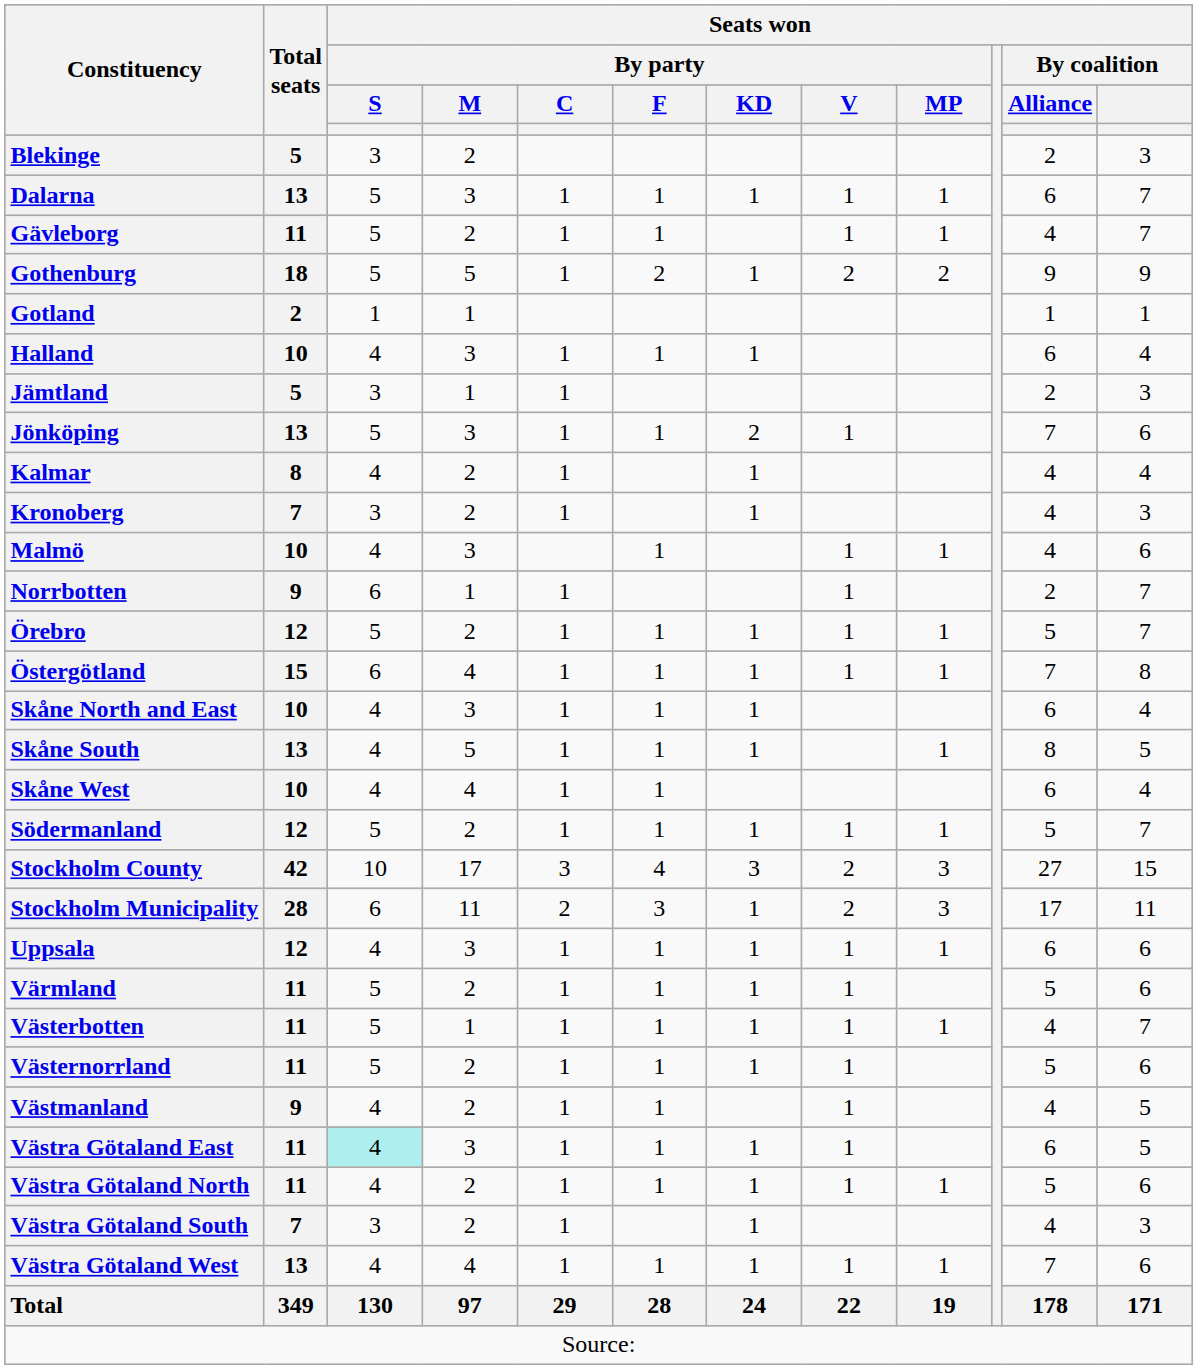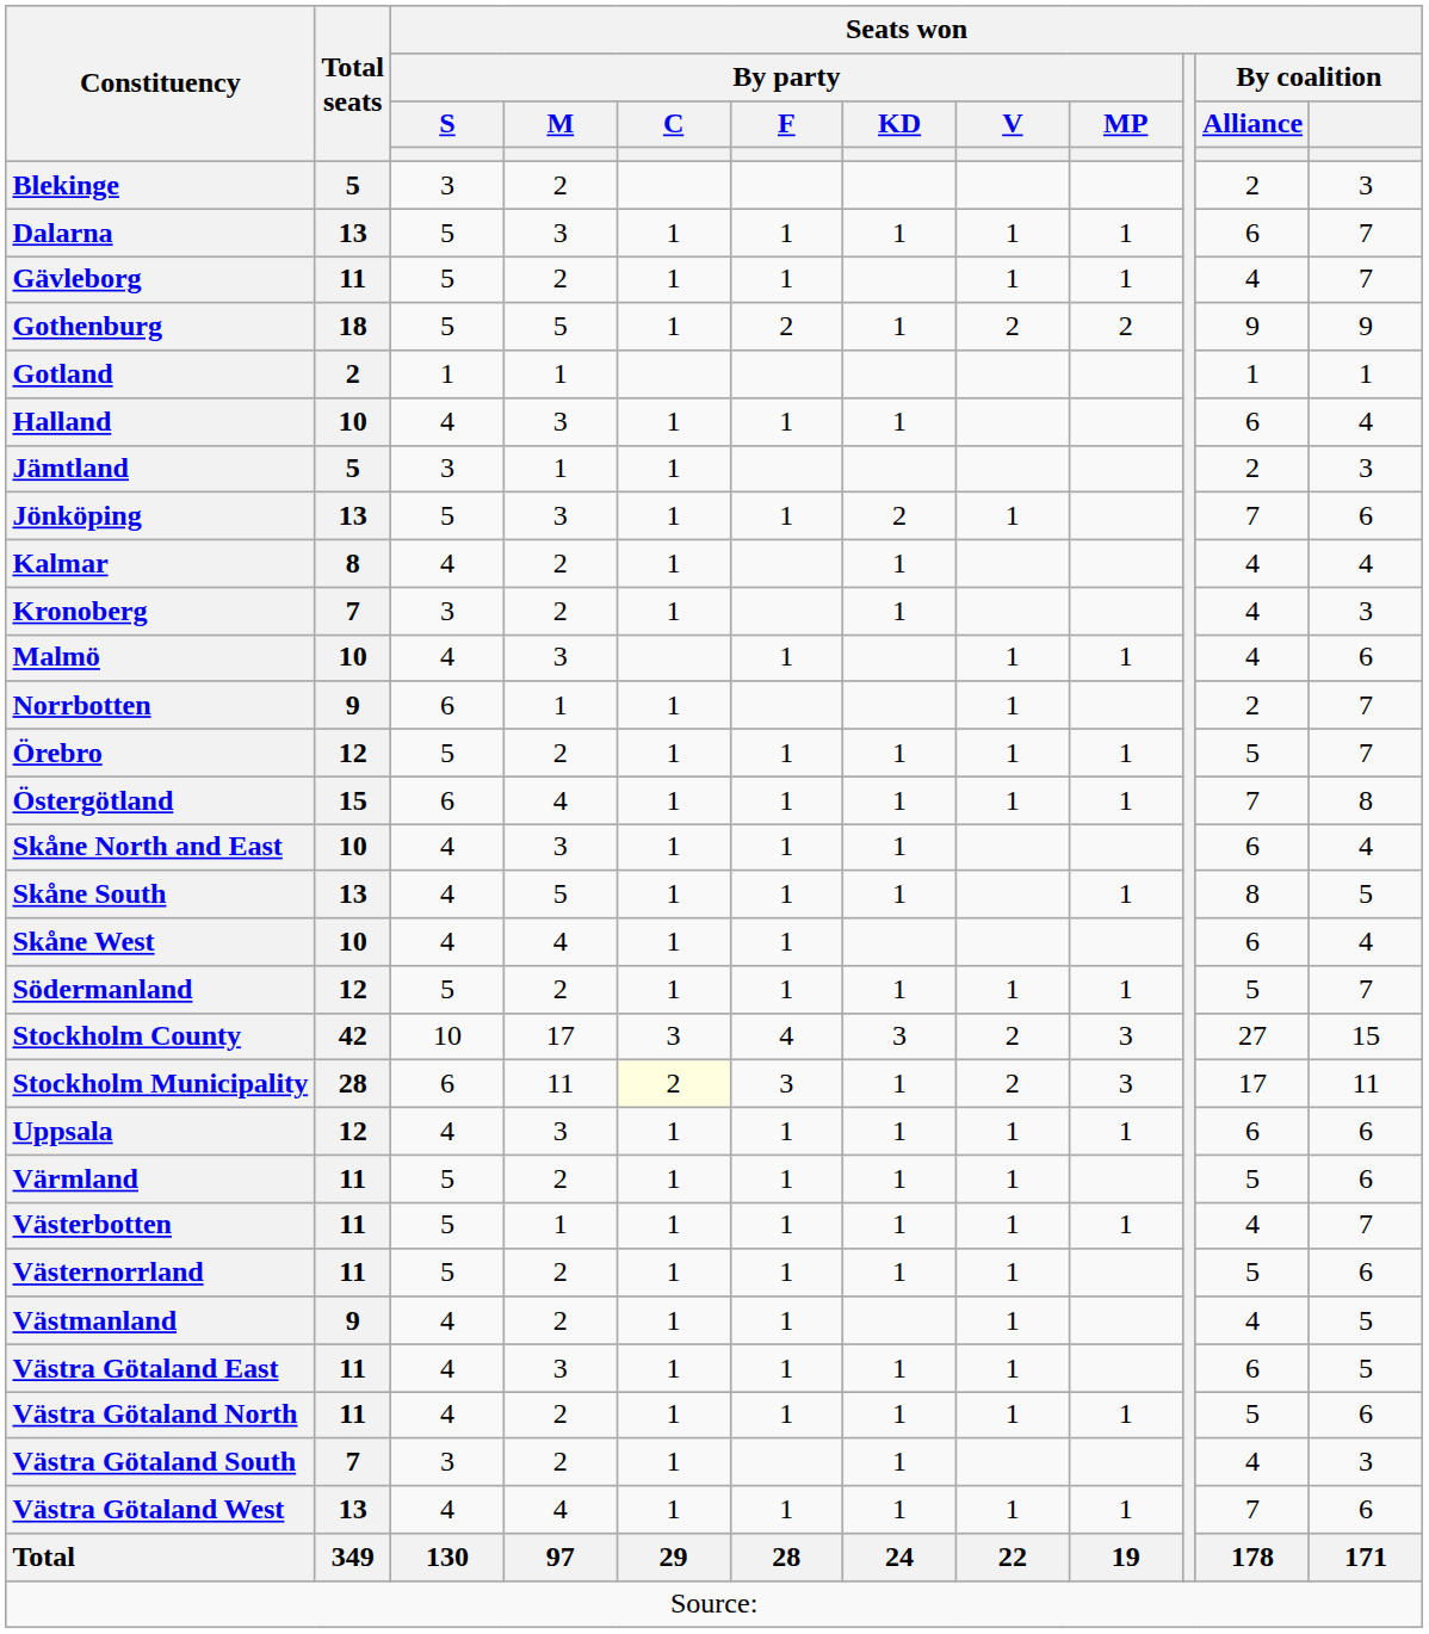 <table class="wikitable" style="text-align:center; font-size: 0.9em;">
 <tr>
 <th rowspan="4">Constituency</th>
 <th rowspan="4">Total<br>seats</th>
 <th colspan="10">Seats won</th>
 </tr>
 <tr>
 <th colspan="7">By party</th>
 <th rowspan="33"></th>
 <th colspan="2">By coalition</th>
 </tr>
 <tr>
 <th class="unsortable" style="width:50px;"><a href='#'>S</a></th>
 <th class="unsortable" style="width:50px;"><a href='#'>M</a></th>
 <th class="unsortable" style="width:50px;"><a href='#'>C</a></th>
 <th class="unsortable" style="width:50px;"><a href='#'>F</a></th>
 <th class="unsortable" style="width:50px;"><a href='#'>KD</a></th>
 <th class="unsortable" style="width:50px;"><a href='#'>V</a></th>
 <th class="unsortable" style="width:50px;"><a href='#'>MP</a></th>
 <th class="unsortable" style="width:50px;"><a href='#'>Alliance</a></th>
 <th class="unsortable" style="width:50px;"></th>
 </tr>
 <tr>
 <th style="background:"></th>
 <th style="background:"></th>
 <th style="background:"></th>
 <th style="background:"></th>
 <th style="background:"></th>
 <th style="background:"></th>
 <th style="background:"></th>
 <th style="background:"></th>
 <th style="background:"></th>
 </tr>
 <tr>
 <th style="text-align: left;"><a href='#'>Blekinge</a></th>
 <th>5</th>
 <td>3</td>
 <td>2</td>
 <td></td>
 <td></td>
 <td></td>
 <td></td>
 <td></td>
 <td>2</td>
 <td>3</td>
 </tr>
 <tr>
 <th style="text-align: left;"><a href='#'>Dalarna</a></th>
 <th>13</th>
 <td>5</td>
 <td>3</td>
 <td>1</td>
 <td>1</td>
 <td>1</td>
 <td>1</td>
 <td>1</td>
 <td>6</td>
 <td>7</td>
 </tr>
 <tr>
 <th style="text-align: left;"><a href='#'>Gävleborg</a></th>
 <th>11</th>
 <td>5</td>
 <td>2</td>
 <td>1</td>
 <td>1</td>
 <td></td>
 <td>1</td>
 <td>1</td>
 <td>4</td>
 <td>7</td>
 </tr>
 <tr>
 <th style="text-align: left;"><a href='#'>Gothenburg</a></th>
 <th>18</th>
 <td>5</td>
 <td>5</td>
 <td>1</td>
 <td>2</td>
 <td>1</td>
 <td>2</td>
 <td>2</td>
 <td>9</td>
 <td>9</td>
 </tr>
 <tr>
 <th style="text-align: left;"><a href='#'>Gotland</a></th>
 <th>2</th>
 <td>1</td>
 <td>1</td>
 <td></td>
 <td></td>
 <td></td>
 <td></td>
 <td></td>
 <td>1</td>
 <td>1</td>
 </tr>
 <tr>
 <th style="text-align: left;"><a href='#'>Halland</a></th>
 <th>10</th>
 <td>4</td>
 <td>3</td>
 <td>1</td>
 <td>1</td>
 <td>1</td>
 <td></td>
 <td></td>
 <td>6</td>
 <td>4</td>
 </tr>
 <tr>
 <th style="text-align: left;"><a href='#'>Jämtland</a></th>
 <th>5</th>
 <td>3</td>
 <td>1</td>
 <td>1</td>
 <td></td>
 <td></td>
 <td></td>
 <td></td>
 <td>2</td>
 <td>3</td>
 </tr>
 <tr>
 <th style="text-align: left;"><a href='#'>Jönköping</a></th>
 <th>13</th>
 <td>5</td>
 <td>3</td>
 <td>1</td>
 <td>1</td>
 <td>2</td>
 <td>1</td>
 <td></td>
 <td>7</td>
 <td>6</td>
 </tr>
 <tr>
 <th style="text-align: left;"><a href='#'>Kalmar</a></th>
 <th>8</th>
 <td>4</td>
 <td>2</td>
 <td>1</td>
 <td></td>
 <td>1</td>
 <td></td>
 <td></td>
 <td>4</td>
 <td>4</td>
 </tr>
 <tr>
 <th style="text-align: left;"><a href='#'>Kronoberg</a></th>
 <th>7</th>
 <td>3</td>
 <td>2</td>
 <td>1</td>
 <td></td>
 <td>1</td>
 <td></td>
 <td></td>
 <td>4</td>
 <td>3</td>
 </tr>
 <tr>
 <th style="text-align: left;"><a href='#'>Malmö</a></th>
 <th>10</th>
 <td>4</td>
 <td>3</td>
 <td></td>
 <td>1</td>
 <td></td>
 <td>1</td>
 <td>1</td>
 <td>4</td>
 <td>6</td>
 </tr>
 <tr>
 <th style="text-align: left;"><a href='#'>Norrbotten</a></th>
 <th>9</th>
 <td>6</td>
 <td>1</td>
 <td>1</td>
 <td></td>
 <td></td>
 <td>1</td>
 <td></td>
 <td>2</td>
 <td>7</td>
 </tr>
 <tr>
 <th style="text-align: left;"><a href='#'>Örebro</a></th>
 <th>12</th>
 <td>5</td>
 <td>2</td>
 <td>1</td>
 <td>1</td>
 <td>1</td>
 <td>1</td>
 <td>1</td>
 <td>5</td>
 <td>7</td>
 </tr>
 <tr>
 <th style="text-align: left;"><a href='#'>Östergötland</a></th>
 <th>15</th>
 <td>6</td>
 <td>4</td>
 <td>1</td>
 <td>1</td>
 <td>1</td>
 <td>1</td>
 <td>1</td>
 <td>7</td>
 <td>8</td>
 </tr>
 <tr>
 <th style="text-align: left;"><a href='#'>Skåne North and East</a></th>
 <th>10</th>
 <td>4</td>
 <td>3</td>
 <td>1</td>
 <td>1</td>
 <td>1</td>
 <td></td>
 <td></td>
 <td>6</td>
 <td>4</td>
 </tr>
 <tr>
 <th style="text-align: left;"><a href='#'>Skåne South</a></th>
 <th>13</th>
 <td>4</td>
 <td>5</td>
 <td>1</td>
 <td>1</td>
 <td>1</td>
 <td></td>
 <td>1</td>
 <td>8</td>
 <td>5</td>
 </tr>
 <tr>
 <th style="text-align: left;"><a href='#'>Skåne West</a></th>
 <th>10</th>
 <td>4</td>
 <td>4</td>
 <td>1</td>
 <td>1</td>
 <td></td>
 <td></td>
 <td></td>
 <td>6</td>
 <td>4</td>
 </tr>
 <tr>
 <th style="text-align: left;"><a href='#'>Södermanland</a></th>
 <th>12</th>
 <td>5</td>
 <td>2</td>
 <td>1</td>
 <td>1</td>
 <td>1</td>
 <td>1</td>
 <td>1</td>
 <td>5</td>
 <td>7</td>
 </tr>
 <tr>
 <th style="text-align: left;"><a href='#'>Stockholm County</a></th>
 <th>42</th>
 <td>10</td>
 <td>17</td>
 <td>3</td>
 <td>4</td>
 <td>3</td>
 <td>2</td>
 <td>3</td>
 <td>27</td>
 <td>15</td>
 </tr>
 <tr>
 <th style="text-align: left;"><a href='#'>Stockholm Municipality</a></th>
 <th>28</th>
 <td>6</td>
 <td>11</td>
-<td>2</td>
+<td style="background: lightyellow;">2</td>
 <td>3</td>
 <td>1</td>
 <td>2</td>
 <td>3</td>
 <td>17</td>
 <td>11</td>
 </tr>
 <tr>
 <th style="text-align: left;"><a href='#'>Uppsala</a></th>
 <th>12</th>
 <td>4</td>
 <td>3</td>
 <td>1</td>
 <td>1</td>
 <td>1</td>
 <td>1</td>
 <td>1</td>
 <td>6</td>
 <td>6</td>
 </tr>
 <tr>
 <th style="text-align: left;"><a href='#'>Värmland</a></th>
 <th>11</th>
 <td>5</td>
 <td>2</td>
 <td>1</td>
 <td>1</td>
 <td>1</td>
 <td>1</td>
 <td></td>
 <td>5</td>
 <td>6</td>
 </tr>
 <tr>
 <th style="text-align: left;"><a href='#'>Västerbotten</a></th>
 <th>11</th>
 <td>5</td>
 <td>1</td>
 <td>1</td>
 <td>1</td>
 <td>1</td>
 <td>1</td>
 <td>1</td>
 <td>4</td>
 <td>7</td>
 </tr>
 <tr>
 <th style="text-align: left;"><a href='#'>Västernorrland</a></th>
 <th>11</th>
 <td>5</td>
 <td>2</td>
 <td>1</td>
 <td>1</td>
 <td>1</td>
 <td>1</td>
 <td></td>
 <td>5</td>
 <td>6</td>
 </tr>
 <tr>
 <th style="text-align: left;"><a href='#'>Västmanland</a></th>
 <th>9</th>
 <td>4</td>
 <td>2</td>
 <td>1</td>
 <td>1</td>
 <td></td>
 <td>1</td>
 <td></td>
 <td>4</td>
 <td>5</td>
 </tr>
 <tr>
 <th style="text-align: left;"><a href='#'>Västra Götaland East</a></th>
 <th>11</th>
-<td style="background: paleturquoise;">4</td>
+<td>4</td>
 <td>3</td>
 <td>1</td>
 <td>1</td>
 <td>1</td>
 <td>1</td>
 <td></td>
 <td>6</td>
 <td>5</td>
 </tr>
 <tr>
 <th style="text-align: left;"><a href='#'>Västra Götaland North</a></th>
 <th>11</th>
 <td>4</td>
 <td>2</td>
 <td>1</td>
 <td>1</td>
 <td>1</td>
 <td>1</td>
 <td>1</td>
 <td>5</td>
 <td>6</td>
 </tr>
 <tr>
 <th style="text-align: left;"><a href='#'>Västra Götaland South</a></th>
 <th>7</th>
 <td>3</td>
 <td>2</td>
 <td>1</td>
 <td></td>
 <td>1</td>
 <td></td>
 <td></td>
 <td>4</td>
 <td>3</td>
 </tr>
 <tr>
 <th style="text-align: left;"><a href='#'>Västra Götaland West</a></th>
 <th>13</th>
 <td>4</td>
 <td>4</td>
 <td>1</td>
 <td>1</td>
 <td>1</td>
 <td>1</td>
 <td>1</td>
 <td>7</td>
 <td>6</td>
 </tr>
 <tr>
 <th style="text-align: left;">Total</th>
 <th>349</th>
 <th>130</th>
 <th>97</th>
 <th>29</th>
 <th>28</th>
 <th>24</th>
 <th>22</th>
 <th>19</th>
 <th>178</th>
 <th>171</th>
 </tr>
 <tr>
 <td colspan="12">Source: </td>
 </tr>
 </table>
